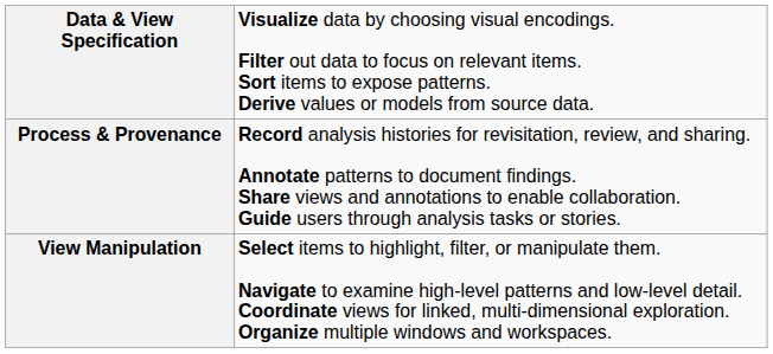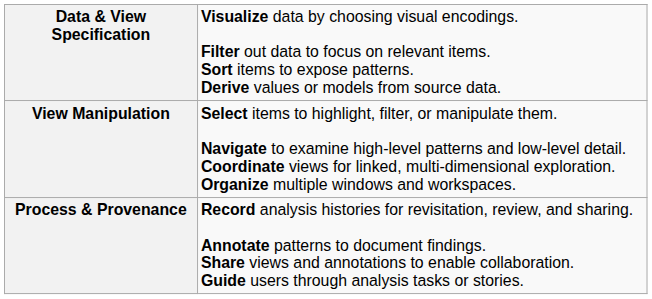 <table class="wikitable" style="width: 650px;">
 <tr style="vertical-align: top;">
 <th scope="row" style="width: 30%;">Data & View Specification</th>
 <td style="width: 70%;"><strong>Visualize</strong> data by choosing visual encodings.<br><br><strong>Filter</strong> out data to focus on relevant items.<br> <strong>Sort</strong> items to expose patterns.<br> <strong>Derive</strong> values or models from source data.</td>
 </tr>
 <tr style="vertical-align: top;">
+<th scope="row">View Manipulation</th>
+<td><strong>Select</strong> items to highlight, filter, or manipulate them.<br><br><strong>Navigate</strong> to examine high-level patterns and low-level detail.<br> <strong>Coordinate</strong> views for linked, multi-dimensional exploration.<br> <strong>Organize</strong> multiple windows and workspaces.</td>
+</tr>
+<tr style="vertical-align: top;">
 <th scope="row">Process & Provenance</th>
 <td><strong>Record</strong> analysis histories for revisitation, review, and sharing.<br><br><strong>Annotate</strong> patterns to document findings.<br> <strong>Share</strong> views and annotations to enable collaboration.<br> <strong>Guide</strong> users through analysis tasks or stories.</td>
 </tr>
-<tr style="vertical-align: top;">
-<th scope="row">View Manipulation</th>
-<td><strong>Select</strong> items to highlight, filter, or manipulate them.<br><br><strong>Navigate</strong> to examine high-level patterns and low-level detail.<br> <strong>Coordinate</strong> views for linked, multi-dimensional exploration.<br> <strong>Organize</strong> multiple windows and workspaces.</td>
-</tr>
 </table>
